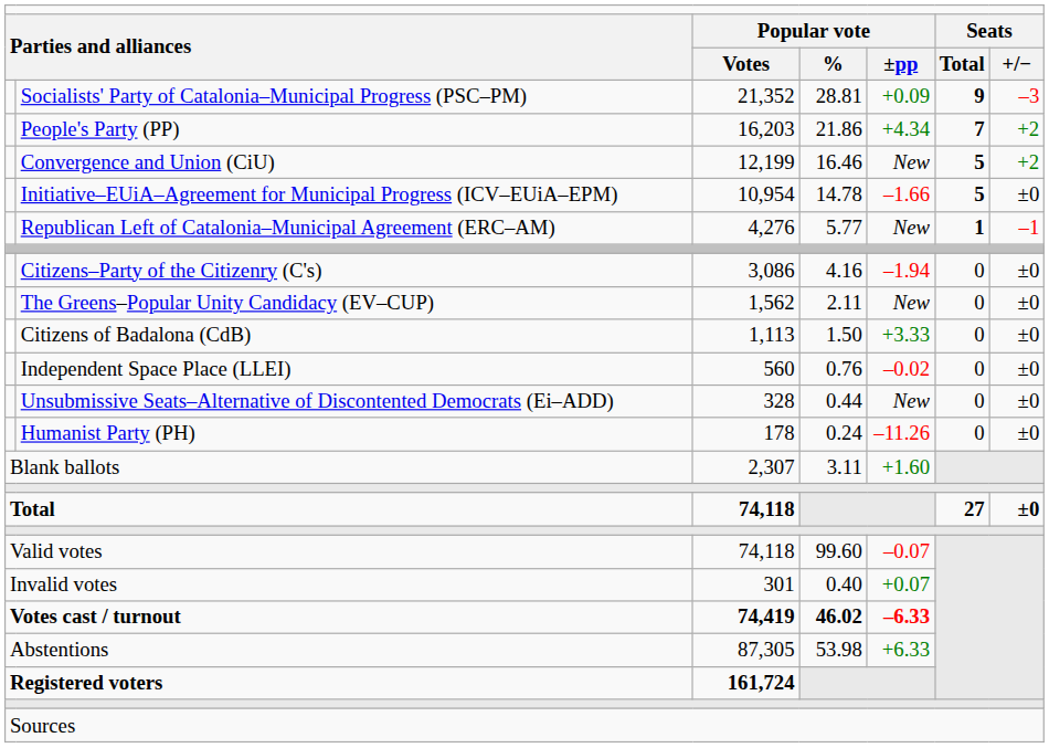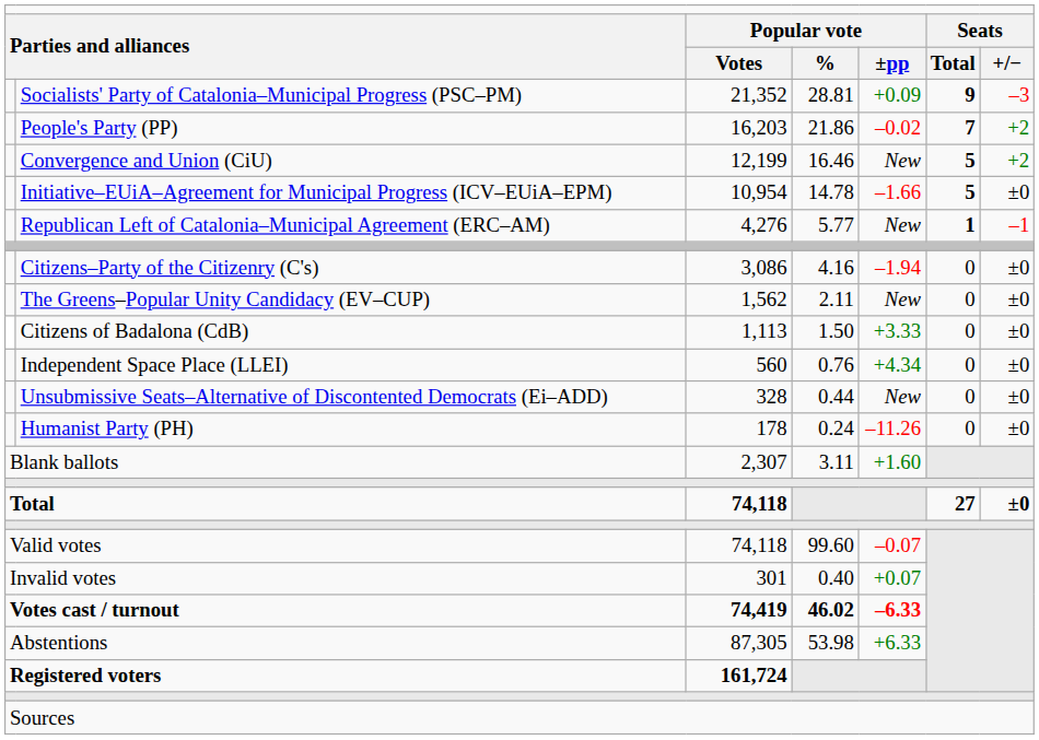 <table class="wikitable" style="text-align:right;">
 <tr>
 <td colspan="7"></td>
 </tr>
 <tr>
 <th style="text-align:left;" rowspan="2" colspan="2" width="525">Parties and alliances</th>
 <th colspan="3">Popular vote</th>
 <th colspan="2">Seats</th>
 </tr>
 <tr>
 <th width="75">Votes</th>
 <th width="45">%</th>
 <th width="45">±<a href='#'>pp</a></th>
 <th width="35">Total</th>
 <th width="35">+/−</th>
 </tr>
 <tr>
 <td width="1" style="color:inherit;background:"></td>
 <td align="left"><a href='#'>Socialists' Party of Catalonia–Municipal Progress</a> (PSC–PM)</td>
 <td>21,352</td>
 <td>28.81</td>
 <td style="color:green;">+0.09</td>
 <td><strong>9</strong></td>
 <td style="color:red;">–3</td>
 </tr>
 <tr>
 <td style="color:inherit;background:"></td>
 <td align="left"><a href='#'>People's Party</a> (PP)</td>
 <td>16,203</td>
 <td>21.86</td>
-<td style="color:green;">+4.34</td>
+<td style="color:red;">–0.02</td>
 <td><strong>7</strong></td>
 <td style="color:green;">+2</td>
 </tr>
 <tr>
 <td style="color:inherit;background:"></td>
 <td align="left"><a href='#'>Convergence and Union</a> (CiU)</td>
 <td>12,199</td>
 <td>16.46</td>
 <td><em>New</em></td>
 <td><strong>5</strong></td>
 <td style="color:green;">+2</td>
 </tr>
 <tr>
 <td style="color:inherit;background:"></td>
 <td align="left"><a href='#'>Initiative–EUiA–Agreement for Municipal Progress</a> (ICV–EUiA–EPM)</td>
 <td>10,954</td>
 <td>14.78</td>
 <td style="color:red;">–1.66</td>
 <td><strong>5</strong></td>
 <td>±0</td>
 </tr>
 <tr>
 <td style="color:inherit;background:"></td>
 <td align="left"><a href='#'>Republican Left of Catalonia–Municipal Agreement</a> (ERC–AM)</td>
 <td>4,276</td>
 <td>5.77</td>
 <td><em>New</em></td>
 <td><strong>1</strong></td>
 <td style="color:red;">–1</td>
 </tr>
 <tr>
 <td colspan="7" style="color:inherit;background:#C0C0C0"></td>
 </tr>
 <tr>
 <td style="color:inherit;background:"></td>
 <td align="left"><a href='#'>Citizens–Party of the Citizenry</a> (C's)</td>
 <td>3,086</td>
 <td>4.16</td>
 <td style="color:red;">–1.94</td>
 <td>0</td>
 <td>±0</td>
 </tr>
 <tr>
 <td style="color:inherit;background:"></td>
 <td align="left"><a href='#'>The Greens</a>–<a href='#'>Popular Unity Candidacy</a> (EV–CUP)</td>
 <td>1,562</td>
 <td>2.11</td>
 <td><em>New</em></td>
 <td>0</td>
 <td>±0</td>
 </tr>
 <tr>
 <td bgcolor="white"></td>
 <td align="left">Citizens of Badalona (CdB)</td>
 <td>1,113</td>
 <td>1.50</td>
 <td style="color:green;">+3.33</td>
 <td>0</td>
 <td>±0</td>
 </tr>
 <tr>
 <td style="color:inherit;background:"></td>
 <td align="left">Independent Space Place (LLEI)</td>
 <td>560</td>
 <td>0.76</td>
-<td style="color:red;">–0.02</td>
+<td style="color:green;">+4.34</td>
 <td>0</td>
 <td>±0</td>
 </tr>
 <tr>
 <td style="color:inherit;background:"></td>
 <td align="left"><a href='#'>Unsubmissive Seats–Alternative of Discontented Democrats</a> (Ei–ADD)</td>
 <td>328</td>
 <td>0.44</td>
 <td><em>New</em></td>
 <td>0</td>
 <td>±0</td>
 </tr>
 <tr>
 <td style="color:inherit;background:"></td>
 <td align="left"><a href='#'>Humanist Party</a> (PH)</td>
 <td>178</td>
 <td>0.24</td>
 <td style="color:red;">–11.26</td>
 <td>0</td>
 <td>±0</td>
 </tr>
 <tr>
 <td align="left" colspan="2">Blank ballots</td>
 <td>2,307</td>
 <td>3.11</td>
 <td style="color:green;">+1.60</td>
 <td style="color:inherit;background:#E9E9E9" colspan="2"></td>
 </tr>
 <tr>
 <td colspan="7" style="color:inherit;background:#E9E9E9"></td>
 </tr>
 <tr style="font-weight:bold;">
 <td align="left" colspan="2">Total</td>
 <td>74,118</td>
 <td bgcolor="#E9E9E9" colspan="2"></td>
 <td>27</td>
 <td>±0</td>
 </tr>
 <tr>
 <td colspan="7" style="color:inherit;background:#E9E9E9"></td>
 </tr>
 <tr>
 <td align="left" colspan="2">Valid votes</td>
 <td>74,118</td>
 <td>99.60</td>
 <td style="color:red;">–0.07</td>
 <td bgcolor="#E9E9E9" colspan="2" rowspan="5"></td>
 </tr>
 <tr>
 <td align="left" colspan="2">Invalid votes</td>
 <td>301</td>
 <td>0.40</td>
 <td style="color:green;">+0.07</td>
 </tr>
 <tr style="font-weight:bold;">
 <td align="left" colspan="2">Votes cast / turnout</td>
 <td>74,419</td>
 <td>46.02</td>
 <td style="color:red;">–6.33</td>
 </tr>
 <tr>
 <td align="left" colspan="2">Abstentions</td>
 <td>87,305</td>
 <td>53.98</td>
 <td style="color:green;">+6.33</td>
 </tr>
 <tr style="font-weight:bold;">
 <td align="left" colspan="2">Registered voters</td>
 <td>161,724</td>
 <td bgcolor="#E9E9E9" colspan="2"></td>
 </tr>
 <tr>
 <td colspan="7" style="color:inherit;background:#E9E9E9"></td>
 </tr>
 <tr>
 <td align="left" colspan="7">Sources</td>
 </tr>
 </table>
